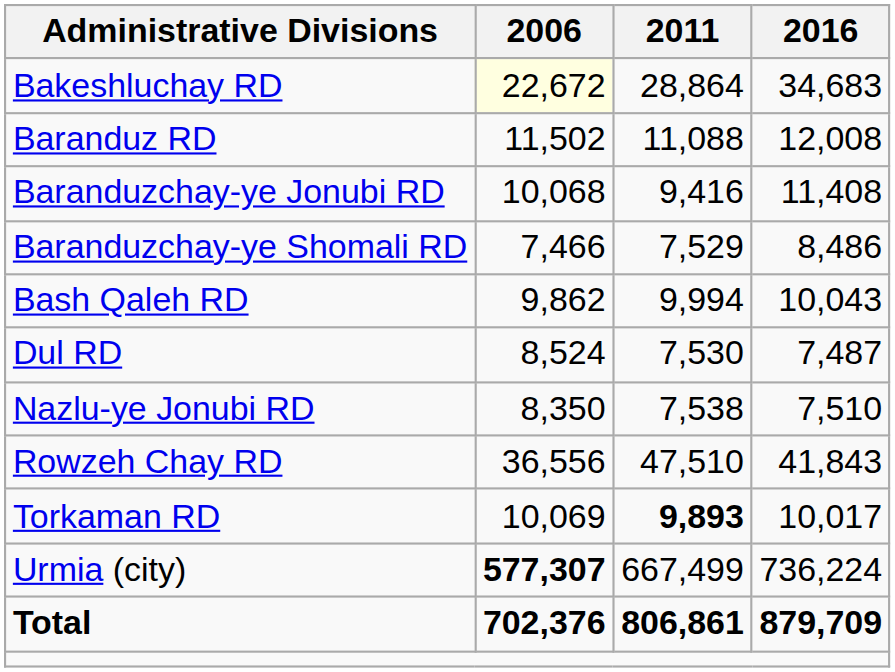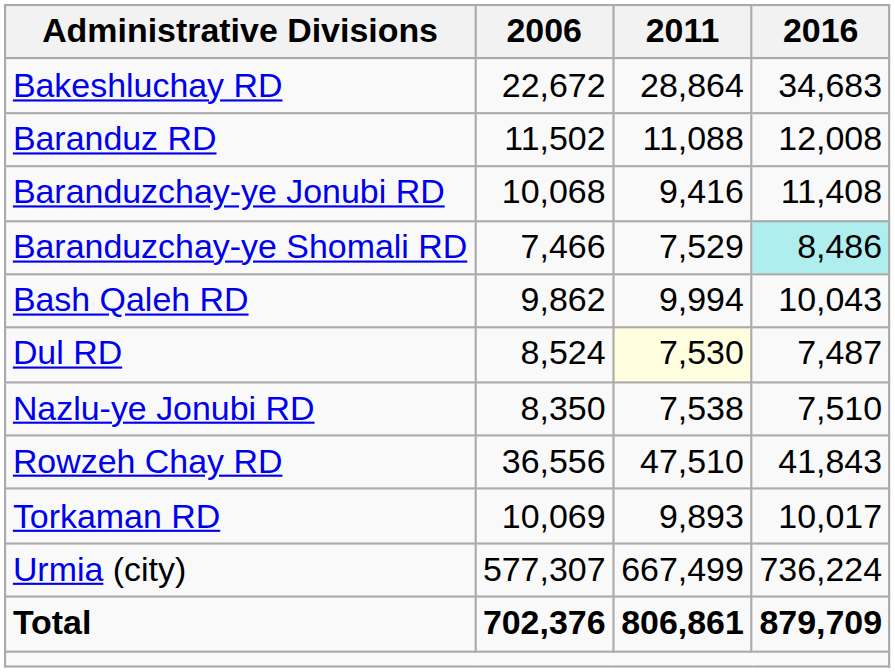 <table class="wikitable">
 <tr>
 <th>Administrative Divisions</th>
 <th>2006</th>
 <th>2011</th>
 <th>2016</th>
 </tr>
 <tr>
 <td><a href='#'>Bakeshluchay RD</a></td>
-<td style="background: lightyellow; text-align: right;">22,672</td>
+<td style="text-align: right;">22,672</td>
 <td style="text-align: right;">28,864</td>
 <td style="text-align: right;">34,683</td>
 </tr>
 <tr>
 <td><a href='#'>Baranduz RD</a></td>
 <td style="text-align: right;">11,502</td>
 <td style="text-align: right;">11,088</td>
 <td style="text-align: right;">12,008</td>
 </tr>
 <tr>
 <td><a href='#'>Baranduzchay-ye Jonubi RD</a></td>
 <td style="text-align: right;">10,068</td>
 <td style="text-align: right;">9,416</td>
 <td style="text-align: right;">11,408</td>
 </tr>
 <tr>
 <td><a href='#'>Baranduzchay-ye Shomali RD</a></td>
 <td style="text-align: right;">7,466</td>
 <td style="text-align: right;">7,529</td>
-<td style="text-align: right;">8,486</td>
+<td style="background: paleturquoise; text-align: right;">8,486</td>
 </tr>
 <tr>
 <td><a href='#'>Bash Qaleh RD</a></td>
 <td style="text-align: right;">9,862</td>
 <td style="text-align: right;">9,994</td>
 <td style="text-align: right;">10,043</td>
 </tr>
 <tr>
 <td><a href='#'>Dul RD</a></td>
 <td style="text-align: right;">8,524</td>
-<td style="text-align: right;">7,530</td>
+<td style="background: lightyellow; text-align: right;">7,530</td>
 <td style="text-align: right;">7,487</td>
 </tr>
 <tr>
 <td><a href='#'>Nazlu-ye Jonubi RD</a></td>
 <td style="text-align: right;">8,350</td>
 <td style="text-align: right;">7,538</td>
 <td style="text-align: right;">7,510</td>
 </tr>
 <tr>
 <td><a href='#'>Rowzeh Chay RD</a></td>
 <td style="text-align: right;">36,556</td>
 <td style="text-align: right;">47,510</td>
 <td style="text-align: right;">41,843</td>
 </tr>
 <tr>
 <td><a href='#'>Torkaman RD</a></td>
 <td style="text-align: right;">10,069</td>
-<td style="text-align: right;"><strong>9,893</strong></td>
+<td style="text-align: right;">9,893</td>
 <td style="text-align: right;">10,017</td>
 </tr>
 <tr>
 <td><a href='#'>Urmia</a> (city)</td>
-<td style="text-align: right;"><strong>577,307</strong></td>
+<td style="text-align: right;">577,307</td>
 <td style="text-align: right;">667,499</td>
 <td style="text-align: right;">736,224</td>
 </tr>
 <tr>
 <td><strong>Total</strong></td>
 <td style="text-align: right;"><strong>702,376</strong></td>
 <td style="text-align: right;"><strong>806,861</strong></td>
 <td style="text-align: right;"><strong>879,709</strong></td>
 </tr>
 <tr>
 <td colspan=4></td>
 </tr>
 </table>
